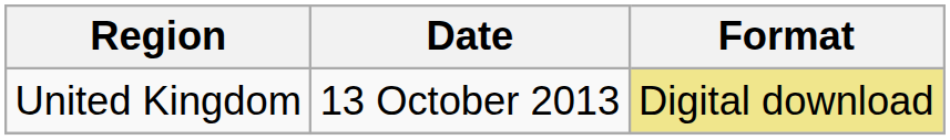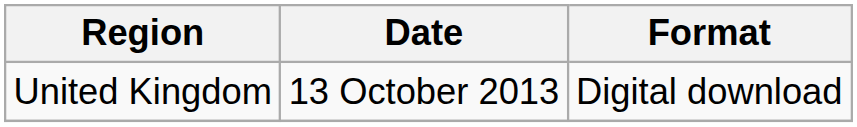 <table class=wikitable>
 <tr>
 <th>Region</th>
 <th>Date</th>
 <th>Format</th>
 </tr>
 <tr>
 <td>United Kingdom</td>
 <td>13 October 2013</td>
-<td style="background: khaki;">Digital download</td>
+<td>Digital download</td>
 </tr>
 <tr>
 </tr>
 </table>
